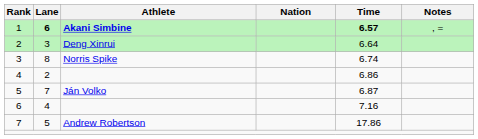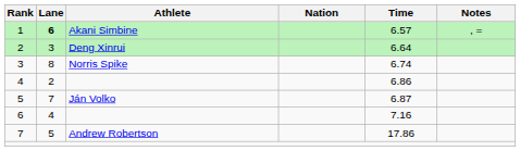 <table class="wikitable sortable" style="text-align:center;width: 60%;">
 <tr>
 <th scope="col" style="width: 10px;">Rank</th>
 <th scope="col" style="width: 10px;">Lane</th>
 <th scope="col">Athlete</th>
 <th scope="col">Nation</th>
 <th scope="col">Time</th>
 <th scope="col">Notes</th>
 </tr>
 <tr bgcolor=bbf3bb>
 <td>1</td>
 <td><strong>6</strong></td>
-<td align=left><strong><a href='#'>Akani Simbine</a></strong></td>
+<td align=left><a href='#'>Akani Simbine</a></td>
 <td align=left></td>
-<td><strong>6.57</strong></td>
+<td>6.57</td>
 <td>, =</td>
 </tr>
 <tr bgcolor=bbf3bb>
 <td>2</td>
 <td>3</td>
 <td align=left><a href='#'>Deng Xinrui</a></td>
 <td align=left></td>
 <td>6.64</td>
 <td></td>
 </tr>
 <tr>
 <td>3</td>
 <td>8</td>
 <td align=left><a href='#'>Norris Spike</a></td>
 <td align=left></td>
 <td>6.74</td>
 <td></td>
 </tr>
 <tr>
 <td>4</td>
 <td>2</td>
 <td align=left></td>
 <td align=left></td>
 <td>6.86</td>
 <td></td>
 </tr>
 <tr>
 <td>5</td>
 <td>7</td>
 <td align=left><a href='#'>Ján Volko</a></td>
 <td align=left></td>
 <td>6.87</td>
 <td></td>
 </tr>
 <tr>
 <td>6</td>
 <td>4</td>
 <td align=left></td>
 <td align=left></td>
 <td>7.16</td>
 <td></td>
 </tr>
 <tr>
 <td>7</td>
 <td>5</td>
 <td align=left><a href='#'>Andrew Robertson</a></td>
 <td align=left></td>
 <td>17.86</td>
 <td></td>
 </tr>
 <tr class="sortbottom">
 <td colspan="6"></td>
 </tr>
 </table>
